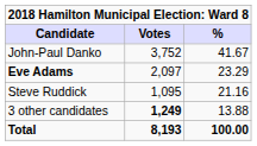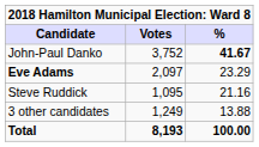 <table class="wikitable sortable">
 <tr>
 <td colspan="3" style="text-align:center;"><strong>2018 Hamilton Municipal Election: Ward 8</strong></td>
 </tr>
 <tr>
 <th style="background:#ddf; width:150px;">Candidate</th>
 <th style="background:#ddf;">Votes</th>
 <th style="background:#ddf;">%</th>
 </tr>
 <tr>
 <td>John-Paul Danko</td>
 <td align=right>3,752</td>
-<td align=right>41.67</td>
+<td align=right><strong>41.67</strong></td>
 </tr>
 <tr>
 <td><strong>Eve Adams</strong></td>
 <td align=right>2,097</td>
 <td align=right>23.29</td>
 </tr>
 <tr>
 <td>Steve Ruddick</td>
 <td align=right>1,095</td>
 <td align=right>21.16</td>
 </tr>
 <tr>
 <td>3 other candidates</td>
-<td align=right><strong>1,249</strong></td>
+<td align=right>1,249</td>
 <td align=right>13.88</td>
 </tr>
 <tr>
 <td><strong>Total</strong></td>
 <td align=right><strong>8,193</strong></td>
 <td align=right><strong>100.00</strong></td>
 </tr>
 </table>
